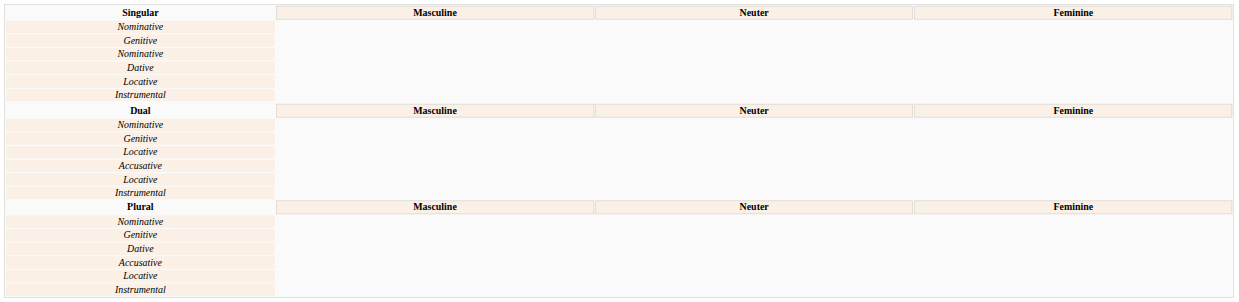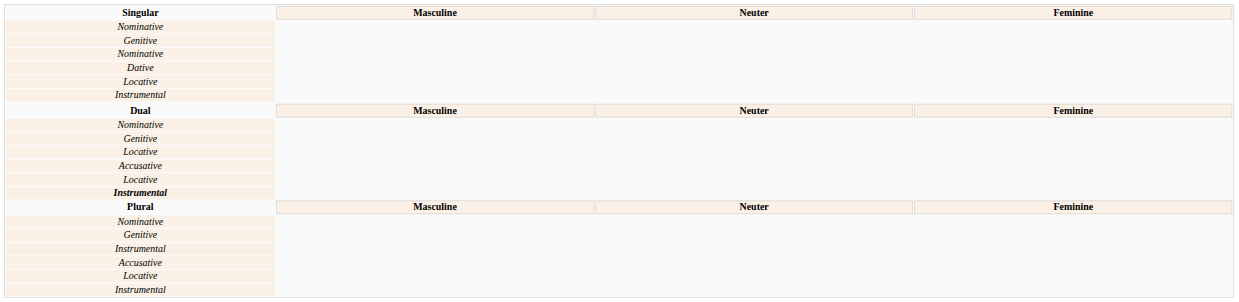 <table class="inflection-table" style="width: 100%; background: #FAFAFA; border: 1px solid #d0d0d0; text-align: center">
 <tr>
 <th style="width: 22%">Singular</th>
 <th style="width: 26%; background: linen; border: 1px solid #d0d0d0">Masculine</th>
 <th style="width: 26%; background: linen; border: 1px solid #d0d0d0">Neuter</th>
 <th style="width: 26%; background: linen; border: 1px solid #d0d0d0">Feminine</th>
 </tr>
 <tr>
 <td style="background-color: linen;"><em>Nominative</em></td>
 <td></td>
 <td></td>
 <td></td>
 </tr>
 <tr>
 <td style="background-color: linen;"><em>Genitive</em></td>
 <td></td>
 <td></td>
 <td></td>
 </tr>
 <tr>
 <td style="background-color: linen;"><em>Nominative</em></td>
 <td></td>
 <td></td>
 <td></td>
 </tr>
 <tr>
 <td style="background-color: linen;"><em>Dative</em></td>
 <td></td>
 <td></td>
 <td></td>
 </tr>
 <tr>
 <td style="background-color: linen;"><em>Locative</em></td>
 <td></td>
 <td></td>
 <td></td>
 </tr>
 <tr>
 <td style="background-color: linen;"><em>Instrumental</em></td>
 <td></td>
 <td></td>
 <td></td>
 </tr>
 <tr>
 </tr>
 <tr>
 <th style="width: 22%">Dual</th>
 <th style="width: 26%; background: linen; border: 1px solid #d0d0d0">Masculine</th>
 <th style="width: 26%; background: linen; border: 1px solid #d0d0d0">Neuter</th>
 <th style="width: 26%; background: linen; border: 1px solid #d0d0d0">Feminine</th>
 </tr>
 <tr>
 <td style="background-color: linen;"><em>Nominative</em></td>
 <td></td>
 <td></td>
 <td></td>
 </tr>
 <tr>
 <td style="background-color: linen;"><em>Genitive</em></td>
 <td></td>
 <td></td>
 <td></td>
 </tr>
 <tr>
 <td style="background-color: linen;"><em>Locative</em></td>
 <td></td>
 <td></td>
 <td></td>
 </tr>
 <tr>
 <td style="background-color: linen;"><em>Accusative</em></td>
 <td></td>
 <td></td>
 <td></td>
 </tr>
 <tr>
 <td style="background-color: linen;"><em>Locative</em></td>
 <td></td>
 <td></td>
 <td></td>
 </tr>
 <tr>
-<td style="background-color: linen;"><em>Instrumental</em></td>
+<td style="background-color: linen;"><strong><em>Instrumental</em></strong></td>
 <td></td>
 <td></td>
 <td></td>
 </tr>
 <tr>
 <th style="width: 22%">Plural</th>
 <th style="width: 26%; background: linen; border: 1px solid #d0d0d0">Masculine</th>
 <th style="width: 26%; background: linen; border: 1px solid #d0d0d0">Neuter</th>
 <th style="width: 26%; background: linen; border: 1px solid #d0d0d0">Feminine</th>
 </tr>
 <tr>
 <td style="background-color: linen;"><em>Nominative</em></td>
 <td></td>
 <td></td>
 <td></td>
 </tr>
 <tr>
 <td style="background-color: linen;"><em>Genitive</em></td>
 <td></td>
 <td></td>
 <td></td>
 </tr>
 <tr>
-<td style="background-color: linen;"><em>Dative</em></td>
+<td style="background-color: linen;"><em>Instrumental</em></td>
 <td></td>
 <td></td>
 <td></td>
 </tr>
 <tr>
 <td style="background-color: linen;"><em>Accusative</em></td>
 <td></td>
 <td></td>
 <td></td>
 </tr>
 <tr>
 <td style="background-color: linen;"><em>Locative</em></td>
 <td></td>
 <td></td>
 <td></td>
 </tr>
 <tr>
 <td style="background-color: linen;"><em>Instrumental</em></td>
 <td></td>
 <td></td>
 <td></td>
 </tr>
 </table>
